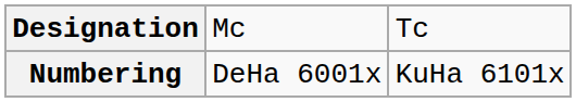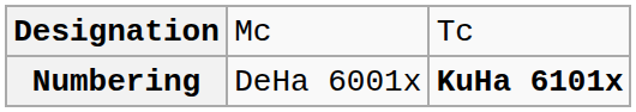 <table class="wikitable">
 <tr>
 <th>Designation</th>
 <td>Mc</td>
 <td>Tc</td>
 </tr>
 <tr>
 <th>Numbering</th>
 <td>DeHa 6001x</td>
-<td>KuHa 6101x</td>
+<td><strong>KuHa 6101x</strong></td>
 </tr>
 </table>
